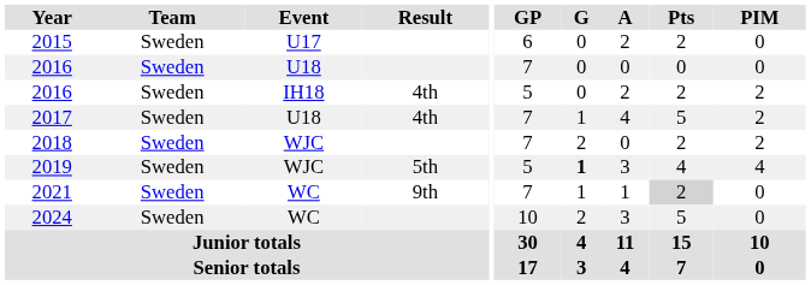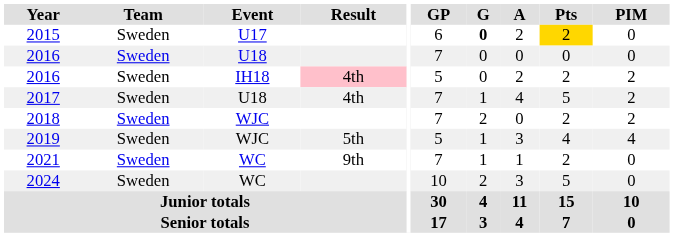 <table border="0" cellpadding="1" cellspacing="0" ID="Table3" style="text-align:center; width:40em;">
 <tr bgcolor="#e0e0e0">
 <th>Year</th>
 <th>Team</th>
 <th>Event</th>
 <th>Result</th>
 <th rowspan="99" bgcolor="#fff"></th>
 <th>GP</th>
 <th>G</th>
 <th>A</th>
 <th>Pts</th>
 <th>PIM</th>
 </tr>
 <tr>
 <td><a href='#'>2015</a></td>
 <td>Sweden</td>
 <td><a href='#'>U17</a></td>
 <td></td>
 <td>6</td>
-<td>0</td>
+<td><strong>0</strong></td>
 <td>2</td>
-<td>2</td>
+<td style="background: gold;">2</td>
 <td>0</td>
 </tr>
 <tr bgcolor="#f0f0f0">
 <td><a href='#'>2016</a></td>
 <td><a href='#'>Sweden</a></td>
 <td><a href='#'>U18</a></td>
 <td></td>
 <td>7</td>
 <td>0</td>
 <td>0</td>
 <td>0</td>
 <td>0</td>
 </tr>
 <tr>
 <td><a href='#'>2016</a></td>
 <td>Sweden</td>
 <td><a href='#'>IH18</a></td>
-<td>4th</td>
+<td style="background: pink;">4th</td>
 <td>5</td>
 <td>0</td>
 <td>2</td>
 <td>2</td>
 <td>2</td>
 </tr>
 <tr bgcolor="#f0f0f0">
 <td><a href='#'>2017</a></td>
 <td>Sweden</td>
 <td>U18</td>
 <td>4th</td>
 <td>7</td>
 <td>1</td>
 <td>4</td>
 <td>5</td>
 <td>2</td>
 </tr>
 <tr>
 <td><a href='#'>2018</a></td>
 <td><a href='#'>Sweden</a></td>
 <td><a href='#'>WJC</a></td>
 <td></td>
 <td>7</td>
 <td>2</td>
 <td>0</td>
 <td>2</td>
 <td>2</td>
 </tr>
 <tr bgcolor="#f0f0f0">
 <td><a href='#'>2019</a></td>
 <td>Sweden</td>
 <td>WJC</td>
 <td>5th</td>
 <td>5</td>
-<td><strong>1</strong></td>
+<td>1</td>
 <td>3</td>
 <td>4</td>
 <td>4</td>
 </tr>
 <tr>
 <td><a href='#'>2021</a></td>
 <td><a href='#'>Sweden</a></td>
 <td><a href='#'>WC</a></td>
 <td>9th</td>
 <td>7</td>
 <td>1</td>
 <td>1</td>
-<td style="background: lightgrey;">2</td>
+<td>2</td>
 <td>0</td>
 </tr>
 <tr bgcolor="#f0f0f0">
 <td><a href='#'>2024</a></td>
 <td>Sweden</td>
 <td>WC</td>
 <td></td>
 <td>10</td>
 <td>2</td>
 <td>3</td>
 <td>5</td>
 <td>0</td>
 </tr>
 <tr bgcolor="#e0e0e0">
 <th colspan="4">Junior totals</th>
 <th>30</th>
 <th>4</th>
 <th>11</th>
 <th>15</th>
 <th>10</th>
 </tr>
 <tr bgcolor="#e0e0e0">
 <th colspan="4">Senior totals</th>
 <th>17</th>
 <th>3</th>
 <th>4</th>
 <th>7</th>
 <th>0</th>
 </tr>
 </table>
